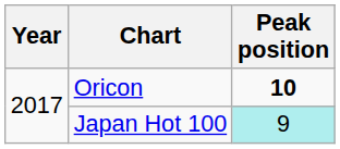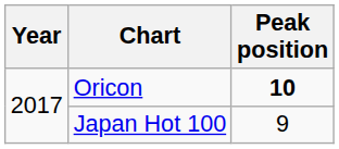 <table class="wikitable">
 <tr>
 <th>Year</th>
 <th>Chart</th>
 <th>Peak<br>position</th>
 </tr>
 <tr>
 <td rowspan="2">2017</td>
 <td><a href='#'>Oricon</a></td>
 <td style="text-align:center"><strong>10</strong></td>
 </tr>
 <tr>
 <td><a href='#'>Japan Hot 100</a></td>
-<td style="background: paleturquoise; text-align:center">9</td>
+<td style="text-align:center">9</td>
 </tr>
 </table>
